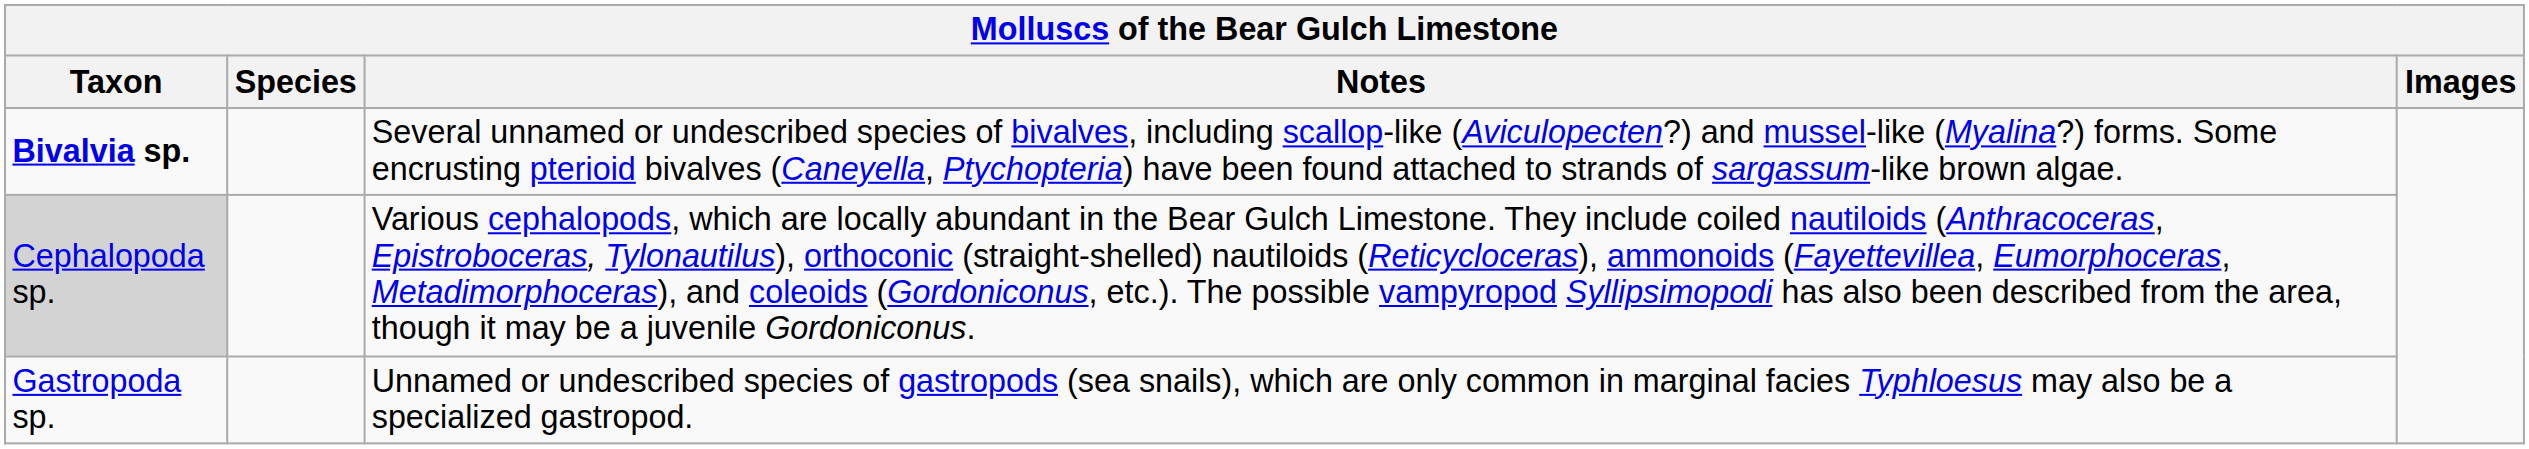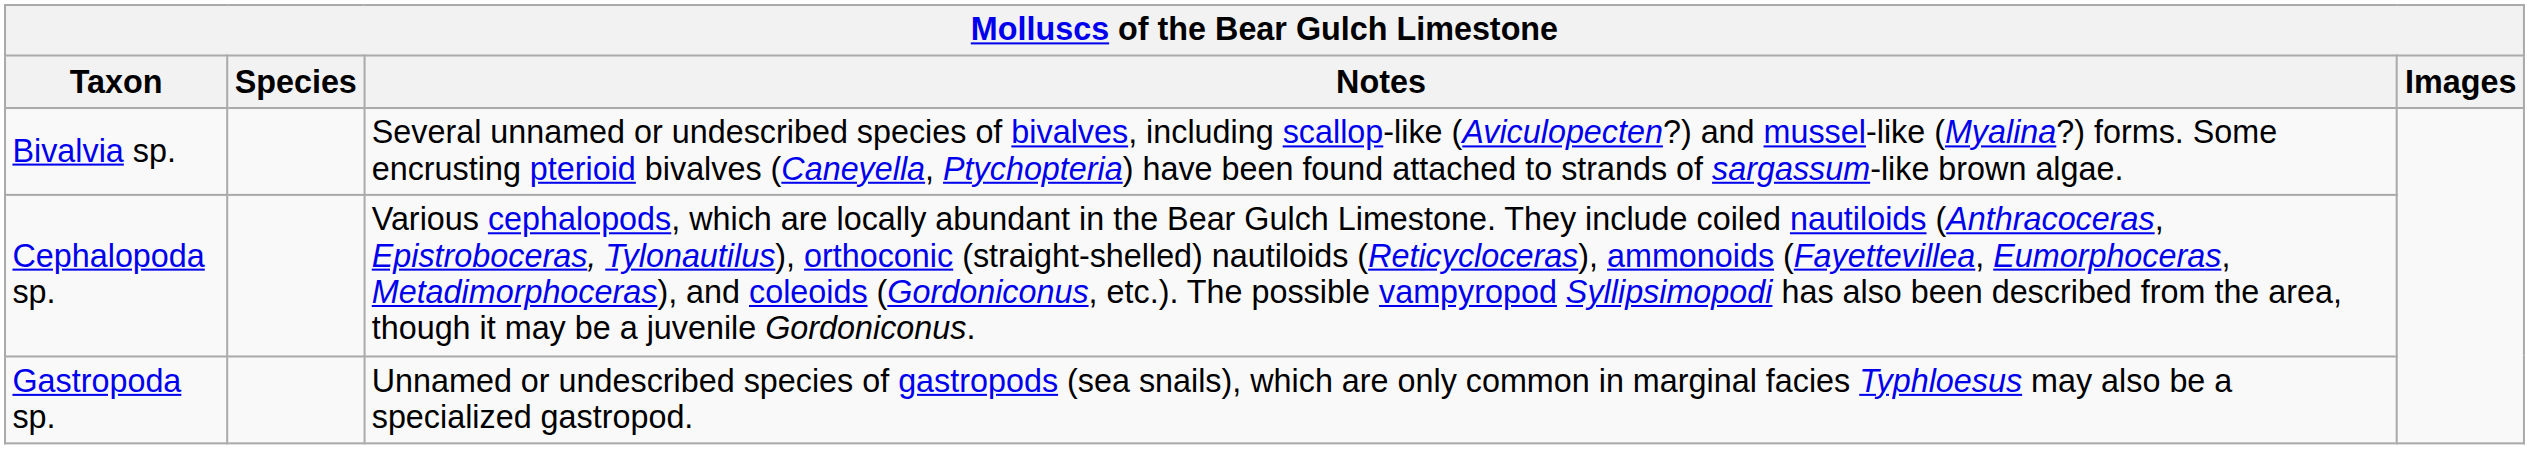 <table class="wikitable" align="center">
 <tr>
 <th colspan="4" align="center"><strong><a href='#'>Molluscs</a> of the Bear Gulch Limestone</strong></th>
 </tr>
 <tr>
 <th>Taxon</th>
 <th>Species</th>
 <th>Notes</th>
 <th>Images</th>
 </tr>
 <tr>
-<td><strong><a href='#'>Bivalvia</a> sp.</strong></td>
+<td><a href='#'>Bivalvia</a> sp.</td>
 <td></td>
 <td>Several unnamed or undescribed species of <a href='#'>bivalves</a>, including <a href='#'>scallop</a>-like (<em><a href='#'>Aviculopecten</a></em>?) and <a href='#'>mussel</a>-like (<em><a href='#'>Myalina</a></em>?) forms. Some encrusting <a href='#'>pterioid</a> bivalves (<em><a href='#'>Caneyella</a></em>, <em><a href='#'>Ptychopteria</a></em>) have been found attached to strands of <em><a href='#'>sargassum</a></em>-like brown algae.</td>
 <td rowspan="99"><br></td>
 </tr>
 <tr>
-<td style="background: lightgrey;"><a href='#'>Cephalopoda</a> sp.</td>
+<td><a href='#'>Cephalopoda</a> sp.</td>
 <td></td>
 <td>Various <a href='#'>cephalopods</a>, which are locally abundant in the Bear Gulch Limestone. They include coiled <a href='#'>nautiloids</a> (<em><a href='#'>Anthracoceras</a></em>, <em><a href='#'>Epistroboceras</a>, <a href='#'>Tylonautilus</a></em>), <a href='#'>orthoconic</a> (straight-shelled) nautiloids (<em><a href='#'>Reticycloceras</a></em>), <a href='#'>ammonoids</a> (<em><a href='#'>Fayettevillea</a></em>, <em><a href='#'>Eumorphoceras</a></em>, <em><a href='#'>Metadimorphoceras</a></em>), and <a href='#'>coleoids</a> (<em><a href='#'>Gordoniconus</a></em>, etc.). The possible <a href='#'>vampyropod</a> <em><a href='#'>Syllipsimopodi</a></em> has also been described from the area, though it may be a juvenile <em>Gordoniconus</em>.</td>
 </tr>
 <tr>
 <td><a href='#'>Gastropoda</a> sp.</td>
 <td></td>
 <td>Unnamed or undescribed species of <a href='#'>gastropods</a> (sea snails), which are only common in marginal facies <em><a href='#'>Typhloesus</a></em> may also be a specialized gastropod.</td>
 </tr>
 </table>
